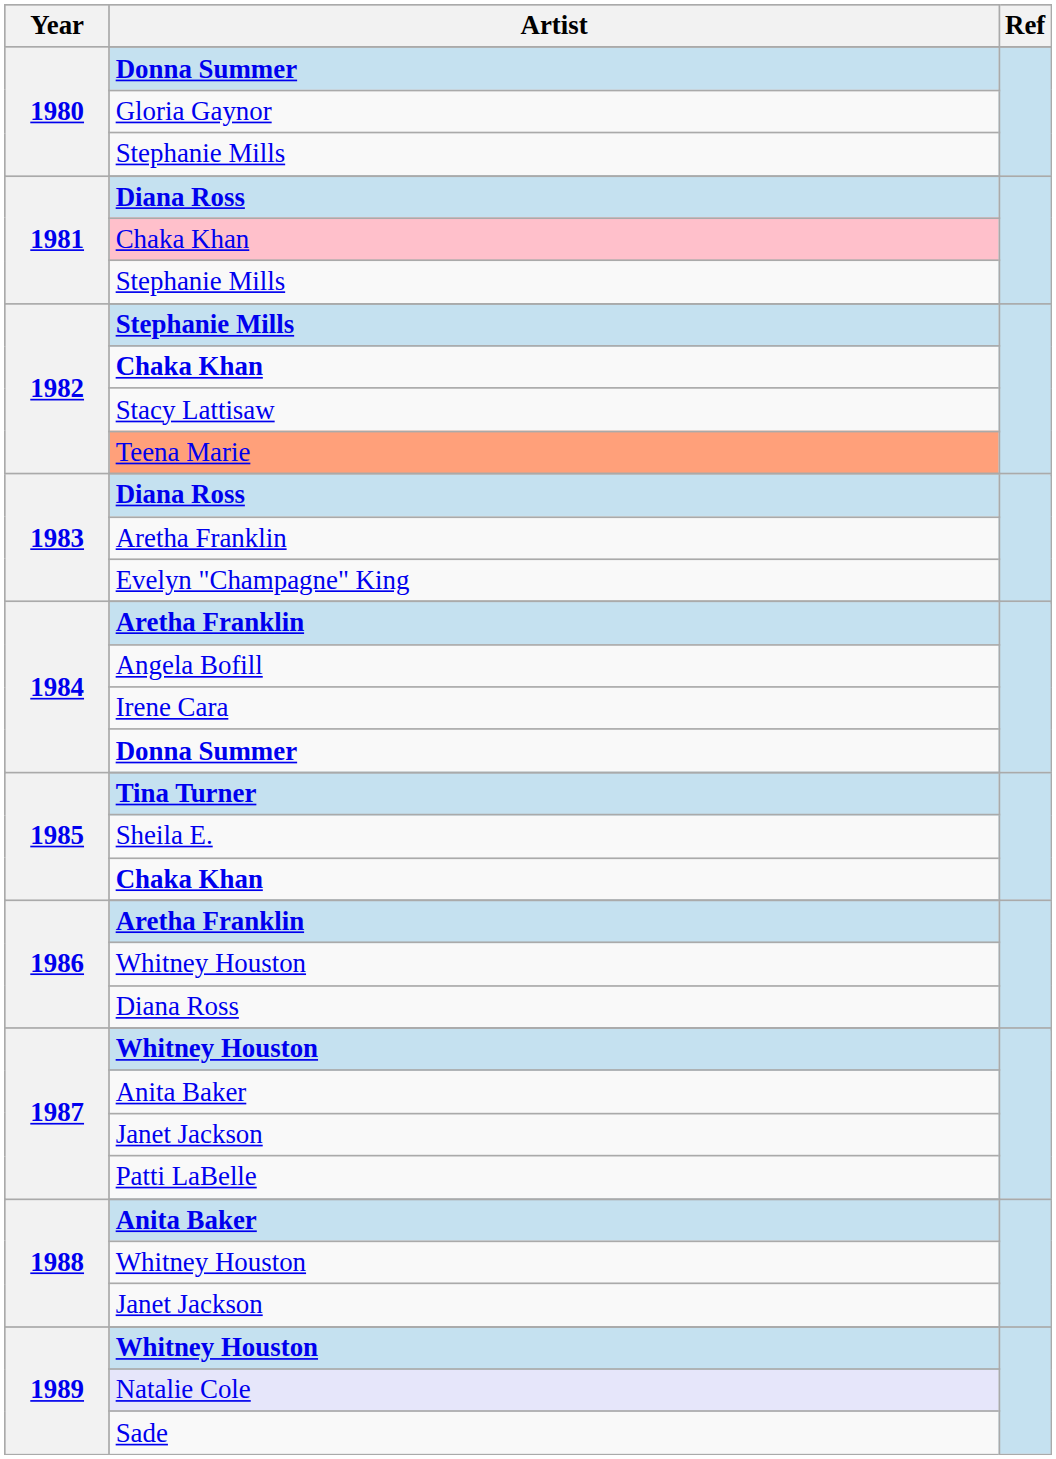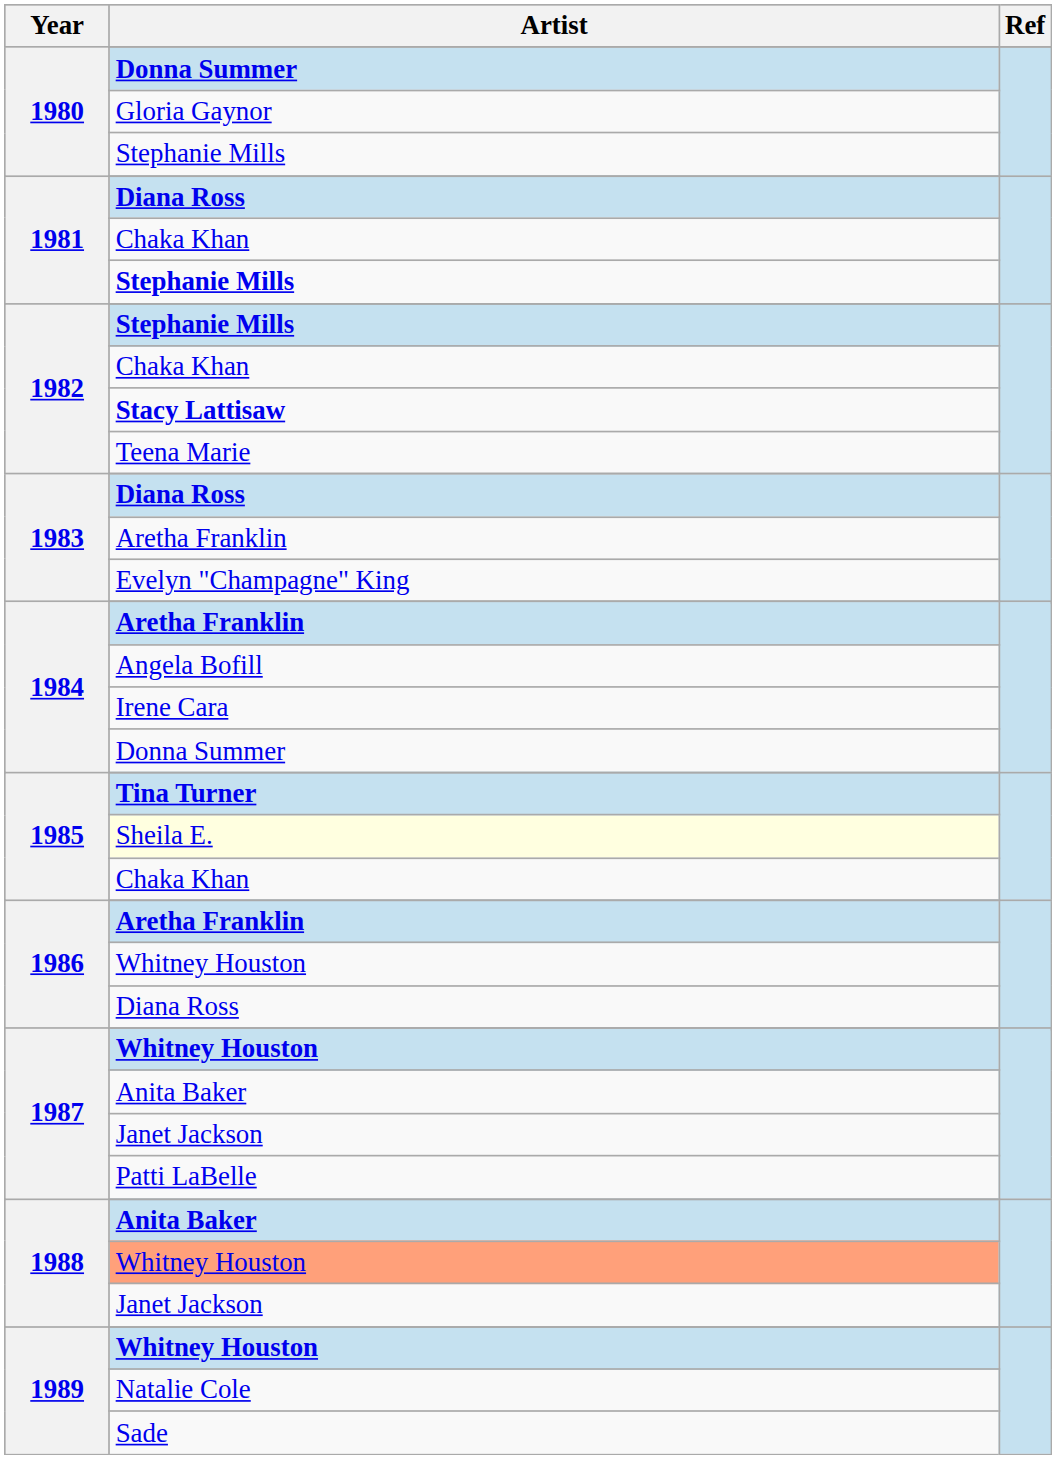 <table class="wikitable" width="100%">
 <tr>
 <th width="10%">Year</th>
 <th width="85%">Artist</th>
 <th width="5%">Ref</th>
 </tr>
 <tr>
 <th rowspan="4" align="center"><a href='#'>1980<br></a></th>
 </tr>
 <tr style="background:#c5e1f0">
 <td><strong><a href='#'>Donna Summer</a></strong></td>
 <td rowspan="4" align="center"></td>
 </tr>
 <tr>
 <td><a href='#'>Gloria Gaynor</a></td>
 </tr>
 <tr>
 <td><a href='#'>Stephanie Mills</a></td>
 </tr>
 <tr>
 <th rowspan="4" align="center"><a href='#'>1981<br></a></th>
 </tr>
 <tr style="background:#c5e1f0">
 <td><strong><a href='#'>Diana Ross</a></strong></td>
 <td rowspan="4" align="center"></td>
 </tr>
 <tr>
-<td style="background: pink;"><a href='#'>Chaka Khan</a></td>
+<td><a href='#'>Chaka Khan</a></td>
 </tr>
 <tr>
-<td><a href='#'>Stephanie Mills</a></td>
+<td><strong><a href='#'>Stephanie Mills</a></strong></td>
 </tr>
 <tr>
 <th rowspan="5" align="center"><a href='#'>1982<br></a></th>
 </tr>
 <tr style="background:#c5e1f0">
 <td><strong><a href='#'>Stephanie Mills</a></strong></td>
 <td rowspan="5" align="center"></td>
 </tr>
 <tr>
-<td><strong><a href='#'>Chaka Khan</a></strong></td>
+<td><a href='#'>Chaka Khan</a></td>
 </tr>
 <tr>
-<td><a href='#'>Stacy Lattisaw</a></td>
+<td><strong><a href='#'>Stacy Lattisaw</a></strong></td>
 </tr>
 <tr>
-<td style="background: lightsalmon;"><a href='#'>Teena Marie</a></td>
+<td><a href='#'>Teena Marie</a></td>
 </tr>
 <tr>
 <th rowspan="4" align="center"><a href='#'>1983<br></a></th>
 </tr>
 <tr style="background:#c5e1f0">
 <td><strong><a href='#'>Diana Ross</a></strong></td>
 <td rowspan="4" align="center"></td>
 </tr>
 <tr>
 <td><a href='#'>Aretha Franklin</a></td>
 </tr>
 <tr>
 <td><a href='#'>Evelyn "Champagne" King</a></td>
 </tr>
 <tr>
 <th rowspan="5" align="center"><a href='#'>1984<br></a></th>
 </tr>
 <tr style="background:#c5e1f0">
 <td><strong><a href='#'>Aretha Franklin</a></strong></td>
 <td rowspan="5" align="center"></td>
 </tr>
 <tr>
 <td><a href='#'>Angela Bofill</a></td>
 </tr>
 <tr>
 <td><a href='#'>Irene Cara</a></td>
 </tr>
 <tr>
-<td><strong><a href='#'>Donna Summer</a></strong></td>
+<td><a href='#'>Donna Summer</a></td>
 </tr>
 <tr>
 <th rowspan="4" align="center"><a href='#'>1985<br></a></th>
 </tr>
 <tr style="background:#c5e1f0">
 <td><strong><a href='#'>Tina Turner</a></strong></td>
 <td rowspan="4" align="center"></td>
 </tr>
 <tr>
-<td><a href='#'>Sheila E.</a></td>
+<td style="background: lightyellow;"><a href='#'>Sheila E.</a></td>
 </tr>
 <tr>
-<td><strong><a href='#'>Chaka Khan</a></strong></td>
+<td><a href='#'>Chaka Khan</a></td>
 </tr>
 <tr>
 <th rowspan="4" align="center"><a href='#'>1986<br></a></th>
 </tr>
 <tr style="background:#c5e1f0">
 <td><strong><a href='#'>Aretha Franklin</a></strong></td>
 <td rowspan="4" align="center"></td>
 </tr>
 <tr>
 <td><a href='#'>Whitney Houston</a></td>
 </tr>
 <tr>
 <td><a href='#'>Diana Ross</a></td>
 </tr>
 <tr>
 <th rowspan="5" align="center"><a href='#'>1987<br></a></th>
 </tr>
 <tr style="background:#c5e1f0">
 <td><strong><a href='#'>Whitney Houston</a></strong></td>
 <td rowspan="5" align="center"></td>
 </tr>
 <tr>
 <td><a href='#'>Anita Baker</a></td>
 </tr>
 <tr>
 <td><a href='#'>Janet Jackson</a></td>
 </tr>
 <tr>
 <td><a href='#'>Patti LaBelle</a></td>
 </tr>
 <tr>
 <th rowspan="4" align="center"><a href='#'>1988<br></a></th>
 </tr>
 <tr style="background:#c5e1f0">
 <td><strong><a href='#'>Anita Baker</a></strong></td>
 <td rowspan="4" align="center"></td>
 </tr>
 <tr>
-<td><a href='#'>Whitney Houston</a></td>
+<td style="background: lightsalmon;"><a href='#'>Whitney Houston</a></td>
 </tr>
 <tr>
 <td><a href='#'>Janet Jackson</a></td>
 </tr>
 <tr>
 <th rowspan="4" align="center"><a href='#'>1989<br></a></th>
 </tr>
 <tr style="background:#c5e1f0">
 <td><strong><a href='#'>Whitney Houston</a></strong></td>
 <td rowspan="4" align="center"></td>
 </tr>
 <tr>
-<td style="background: lavender;"><a href='#'>Natalie Cole</a></td>
+<td><a href='#'>Natalie Cole</a></td>
 </tr>
 <tr>
 <td><a href='#'>Sade</a></td>
 </tr>
 </table>
